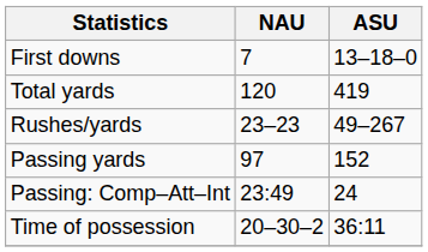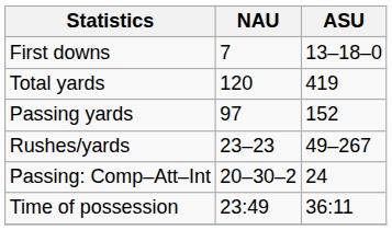 <table class="wikitable" style="float: left;">
 <tr>
 <th>Statistics</th>
 <th>NAU</th>
 <th>ASU</th>
 </tr>
 <tr>
 <td>First downs</td>
 <td>7</td>
 <td>13–18–0</td>
 </tr>
 <tr>
 <td>Total yards</td>
 <td>120</td>
 <td>419</td>
 </tr>
 <tr>
+<td>Passing yards</td>
+<td>97</td>
+<td>152</td>
+</tr>
+<tr>
 <td>Rushes/yards</td>
 <td>23–23</td>
 <td>49–267</td>
 </tr>
 <tr>
-<td>Passing yards</td>
-<td>97</td>
-<td>152</td>
-</tr>
-<tr>
 <td>Passing: Comp–Att–Int</td>
-<td>23:49</td>
+<td>20–30–2</td>
 <td>24</td>
 </tr>
 <tr>
 <td>Time of possession</td>
-<td>20–30–2</td>
+<td>23:49</td>
 <td>36:11</td>
 </tr>
 <tr>
 </tr>
 </table>
